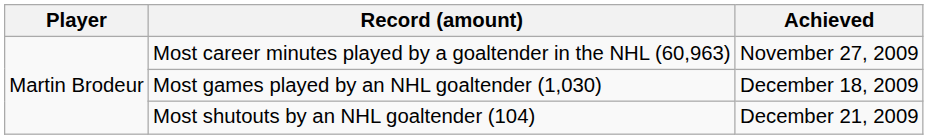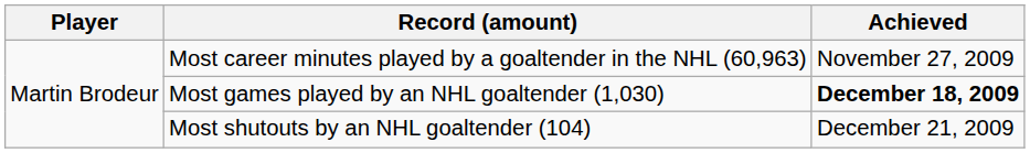 <table class="wikitable">
 <tr>
 <th>Player</th>
 <th>Record (amount)</th>
 <th>Achieved</th>
 </tr>
 <tr>
 <td rowspan="3">Martin Brodeur</td>
 <td>Most career minutes played by a goaltender in the NHL (60,963)</td>
 <td>November 27, 2009</td>
 </tr>
 <tr>
 <td>Most games played by an NHL goaltender (1,030)</td>
-<td>December 18, 2009</td>
+<td><strong>December 18, 2009</strong></td>
 </tr>
 <tr>
 <td>Most shutouts by an NHL goaltender (104)</td>
 <td>December 21, 2009</td>
 </tr>
 </table>
